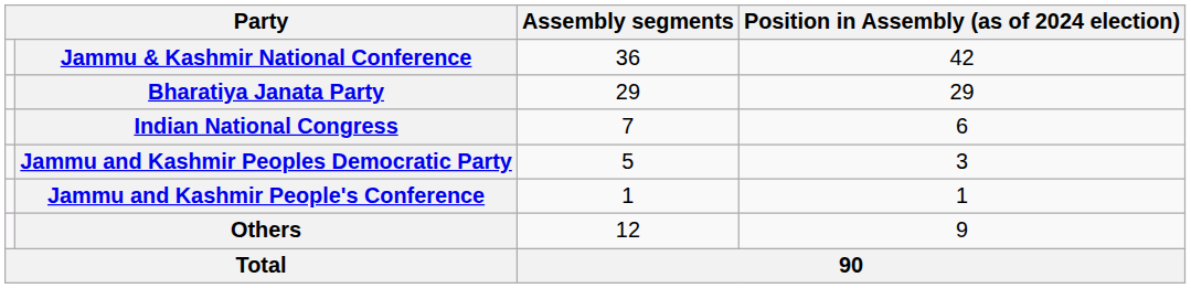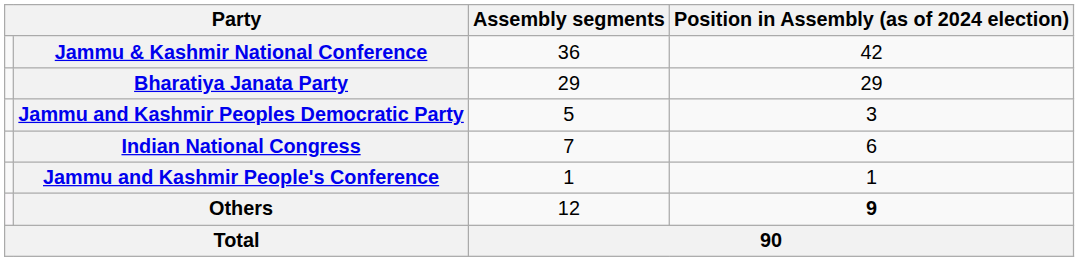 <table class="wikitable" style="text-align:center">
 <tr>
 <th colspan=2>Party</th>
 <th>Assembly segments</th>
 <th>Position in Assembly (as of 2024 election)</th>
 </tr>
 <tr>
 <td></td>
 <th><a href='#'>Jammu & Kashmir National Conference</a></th>
 <td>36</td>
 <td>42</td>
 </tr>
 <tr>
 <td></td>
 <th><a href='#'>Bharatiya Janata Party</a></th>
 <td>29</td>
 <td>29</td>
 </tr>
 <tr>
 <td></td>
+<th><a href='#'>Jammu and Kashmir Peoples Democratic Party</a></th>
+<td>5</td>
+<td>3</td>
+</tr>
+<tr>
+<td></td>
 <th><a href='#'>Indian National Congress</a></th>
 <td>7</td>
 <td>6</td>
-</tr>
-<tr>
-<td></td>
-<th><a href='#'>Jammu and Kashmir Peoples Democratic Party</a></th>
-<td>5</td>
-<td>3</td>
 </tr>
 <tr>
 <td></td>
 <th><a href='#'>Jammu and Kashmir People's Conference</a></th>
 <td>1</td>
 <td>1</td>
 </tr>
 <tr>
 <td bgcolor=#FAF8FA></td>
 <th>Others</th>
 <td>12</td>
-<td>9</td>
+<td><strong>9</strong></td>
 </tr>
 <tr>
 <th colspan=2>Total</th>
 <th colspan=2>90</th>
 </tr>
 </table>
